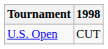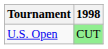 <table class="wikitable" style="font-size:95%;text-align:center;">
 <tr>
 <th>Tournament</th>
 <th>1998</th>
 </tr>
 <tr>
 <td align=left><a href='#'>U.S. Open</a></td>
-<td>CUT</td>
+<td style="background: lightgreen;">CUT</td>
 </tr>
 </table>
